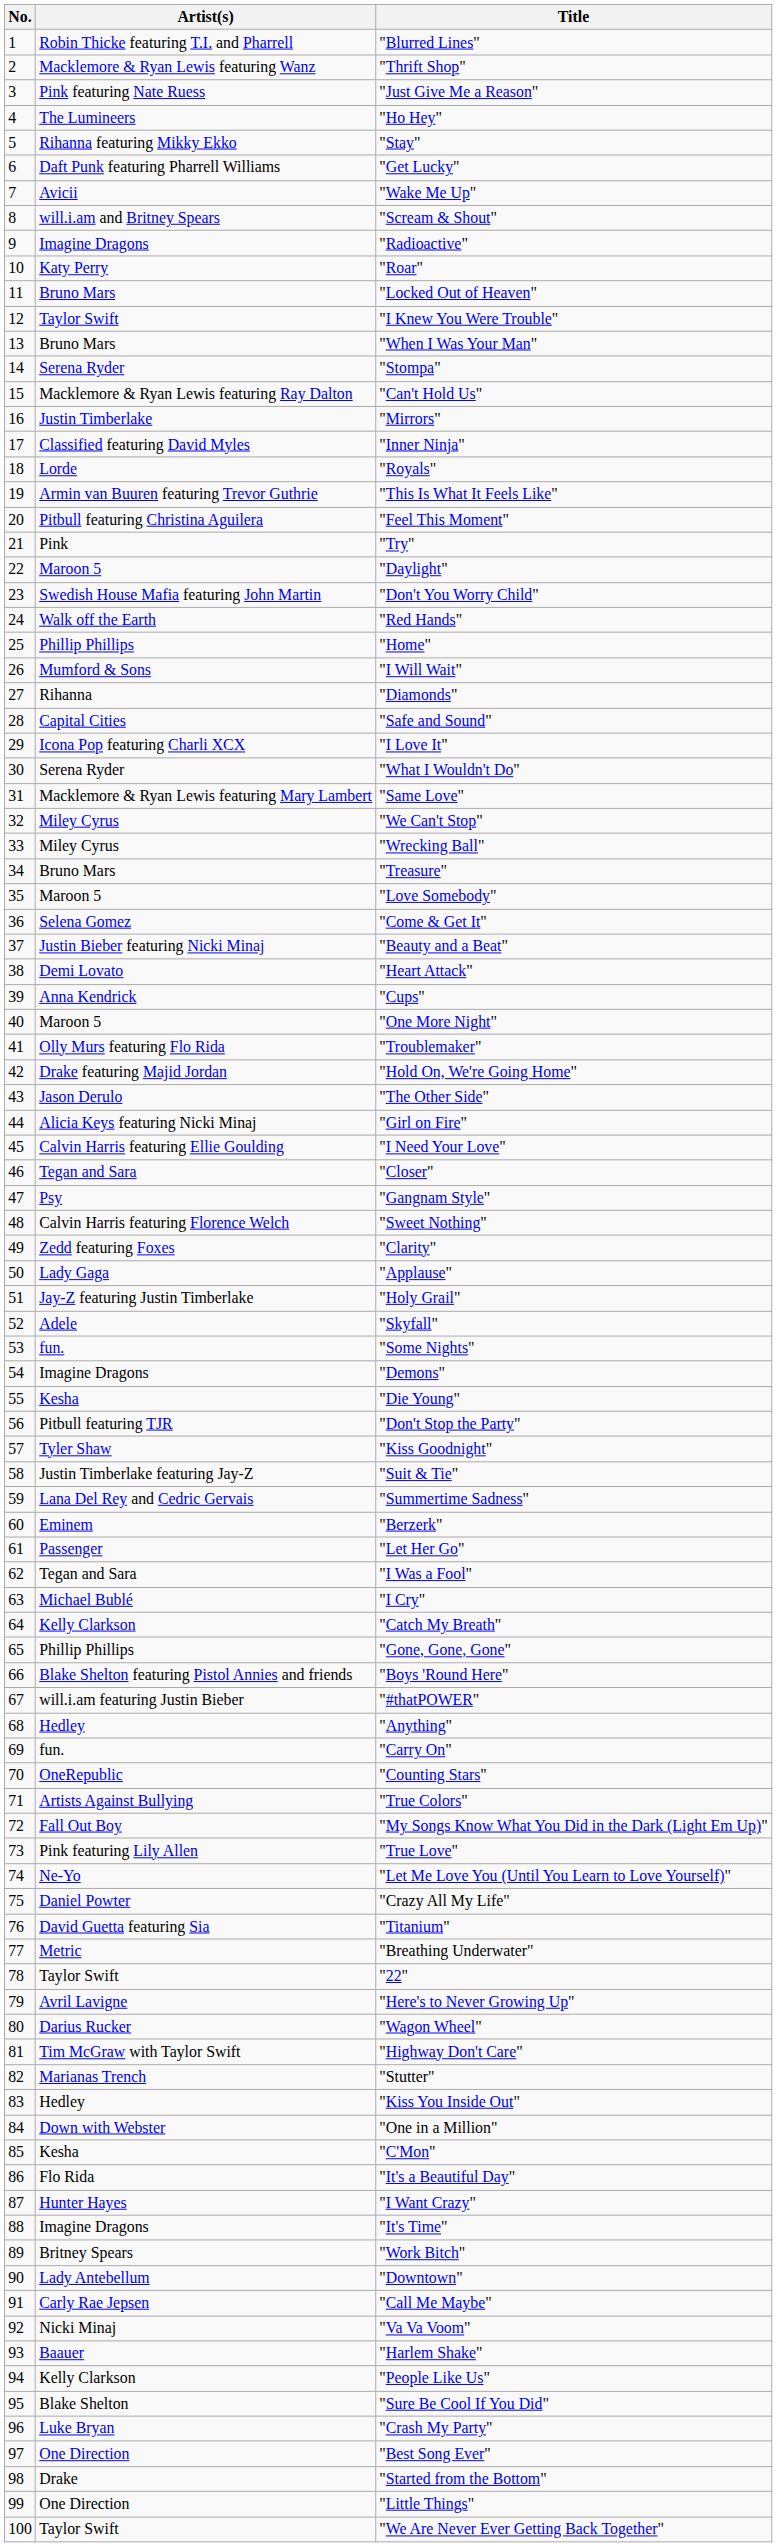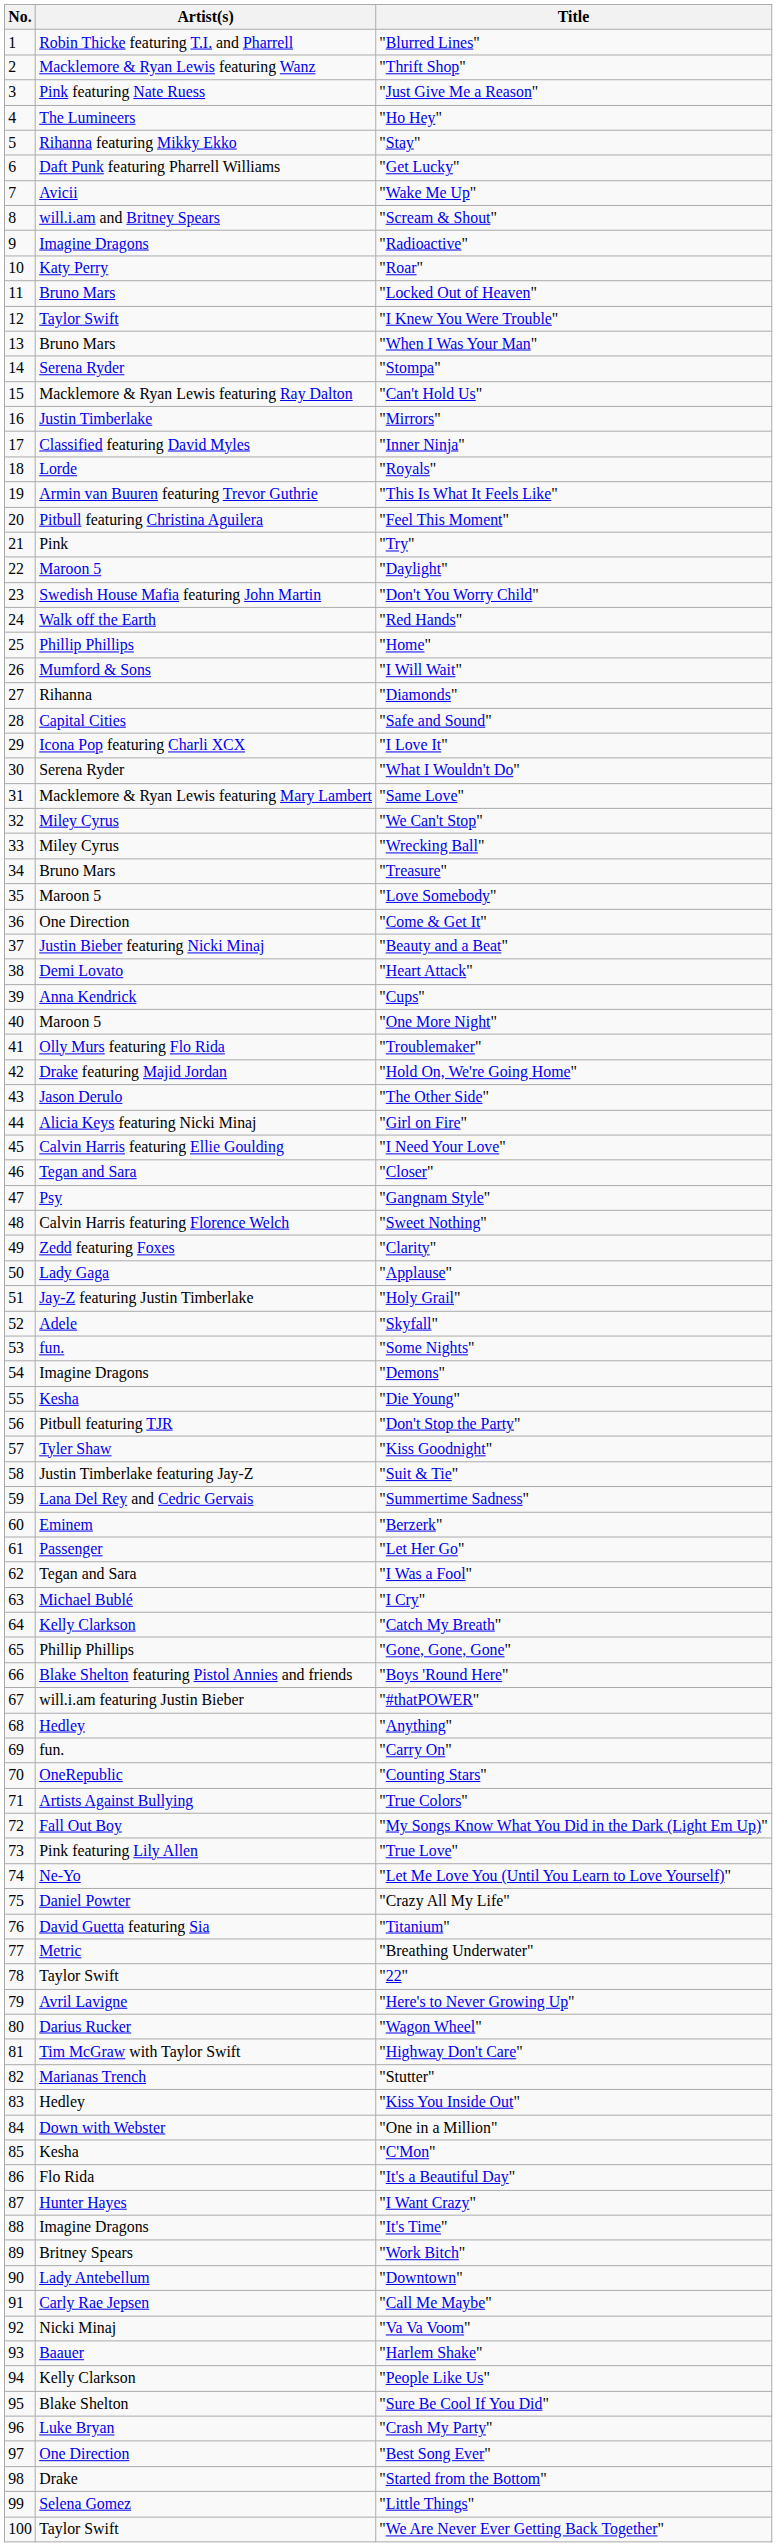 <table class="wikitable">
 <tr>
 <th>No.</th>
 <th>Artist(s)</th>
 <th>Title</th>
 </tr>
 <tr>
 <td>1</td>
 <td><a href='#'>Robin Thicke</a> featuring <a href='#'>T.I.</a> and <a href='#'>Pharrell</a></td>
 <td>"<a href='#'>Blurred Lines</a>"</td>
 </tr>
 <tr>
 <td>2</td>
 <td><a href='#'>Macklemore & Ryan Lewis</a> featuring <a href='#'>Wanz</a></td>
 <td>"<a href='#'>Thrift Shop</a>"</td>
 </tr>
 <tr>
 <td>3</td>
 <td><a href='#'>Pink</a> featuring <a href='#'>Nate Ruess</a></td>
 <td>"<a href='#'>Just Give Me a Reason</a>"</td>
 </tr>
 <tr>
 <td>4</td>
 <td><a href='#'>The Lumineers</a></td>
 <td>"<a href='#'>Ho Hey</a>"</td>
 </tr>
 <tr>
 <td>5</td>
 <td><a href='#'>Rihanna</a> featuring <a href='#'>Mikky Ekko</a></td>
 <td>"<a href='#'>Stay</a>"</td>
 </tr>
 <tr>
 <td>6</td>
 <td><a href='#'>Daft Punk</a> featuring Pharrell Williams</td>
 <td>"<a href='#'>Get Lucky</a>"</td>
 </tr>
 <tr>
 <td>7</td>
 <td><a href='#'>Avicii</a></td>
 <td>"<a href='#'>Wake Me Up</a>"</td>
 </tr>
 <tr>
 <td>8</td>
 <td><a href='#'>will.i.am</a> and <a href='#'>Britney Spears</a></td>
 <td>"<a href='#'>Scream & Shout</a>"</td>
 </tr>
 <tr>
 <td>9</td>
 <td><a href='#'>Imagine Dragons</a></td>
 <td>"<a href='#'>Radioactive</a>"</td>
 </tr>
 <tr>
 <td>10</td>
 <td><a href='#'>Katy Perry</a></td>
 <td>"<a href='#'>Roar</a>"</td>
 </tr>
 <tr>
 <td>11</td>
 <td><a href='#'>Bruno Mars</a></td>
 <td>"<a href='#'>Locked Out of Heaven</a>"</td>
 </tr>
 <tr>
 <td>12</td>
 <td><a href='#'>Taylor Swift</a></td>
 <td>"<a href='#'>I Knew You Were Trouble</a>"</td>
 </tr>
 <tr>
 <td>13</td>
 <td>Bruno Mars</td>
 <td>"<a href='#'>When I Was Your Man</a>"</td>
 </tr>
 <tr>
 <td>14</td>
 <td><a href='#'>Serena Ryder</a></td>
 <td>"<a href='#'>Stompa</a>"</td>
 </tr>
 <tr>
 <td>15</td>
 <td>Macklemore & Ryan Lewis featuring <a href='#'>Ray Dalton</a></td>
 <td>"<a href='#'>Can't Hold Us</a>"</td>
 </tr>
 <tr>
 <td>16</td>
 <td><a href='#'>Justin Timberlake</a></td>
 <td>"<a href='#'>Mirrors</a>"</td>
 </tr>
 <tr>
 <td>17</td>
 <td><a href='#'>Classified</a> featuring <a href='#'>David Myles</a></td>
 <td>"<a href='#'>Inner Ninja</a>"</td>
 </tr>
 <tr>
 <td>18</td>
 <td><a href='#'>Lorde</a></td>
 <td>"<a href='#'>Royals</a>"</td>
 </tr>
 <tr>
 <td>19</td>
 <td><a href='#'>Armin van Buuren</a> featuring <a href='#'>Trevor Guthrie</a></td>
 <td>"<a href='#'>This Is What It Feels Like</a>"</td>
 </tr>
 <tr>
 <td>20</td>
 <td><a href='#'>Pitbull</a> featuring <a href='#'>Christina Aguilera</a></td>
 <td>"<a href='#'>Feel This Moment</a>"</td>
 </tr>
 <tr>
 <td>21</td>
 <td>Pink</td>
 <td>"<a href='#'>Try</a>"</td>
 </tr>
 <tr>
 <td>22</td>
 <td><a href='#'>Maroon 5</a></td>
 <td>"<a href='#'>Daylight</a>"</td>
 </tr>
 <tr>
 <td>23</td>
 <td><a href='#'>Swedish House Mafia</a> featuring <a href='#'>John Martin</a></td>
 <td>"<a href='#'>Don't You Worry Child</a>"</td>
 </tr>
 <tr>
 <td>24</td>
 <td><a href='#'>Walk off the Earth</a></td>
 <td>"<a href='#'>Red Hands</a>"</td>
 </tr>
 <tr>
 <td>25</td>
 <td><a href='#'>Phillip Phillips</a></td>
 <td>"<a href='#'>Home</a>"</td>
 </tr>
 <tr>
 <td>26</td>
 <td><a href='#'>Mumford & Sons</a></td>
 <td>"<a href='#'>I Will Wait</a>"</td>
 </tr>
 <tr>
 <td>27</td>
 <td>Rihanna</td>
 <td>"<a href='#'>Diamonds</a>"</td>
 </tr>
 <tr>
 <td>28</td>
 <td><a href='#'>Capital Cities</a></td>
 <td>"<a href='#'>Safe and Sound</a>"</td>
 </tr>
 <tr>
 <td>29</td>
 <td><a href='#'>Icona Pop</a> featuring <a href='#'>Charli XCX</a></td>
 <td>"<a href='#'>I Love It</a>"</td>
 </tr>
 <tr>
 <td>30</td>
 <td>Serena Ryder</td>
 <td>"<a href='#'>What I Wouldn't Do</a>"</td>
 </tr>
 <tr>
 <td>31</td>
 <td>Macklemore & Ryan Lewis featuring <a href='#'>Mary Lambert</a></td>
 <td>"<a href='#'>Same Love</a>"</td>
 </tr>
 <tr>
 <td>32</td>
 <td><a href='#'>Miley Cyrus</a></td>
 <td>"<a href='#'>We Can't Stop</a>"</td>
 </tr>
 <tr>
 <td>33</td>
 <td>Miley Cyrus</td>
 <td>"<a href='#'>Wrecking Ball</a>"</td>
 </tr>
 <tr>
 <td>34</td>
 <td>Bruno Mars</td>
 <td>"<a href='#'>Treasure</a>"</td>
 </tr>
 <tr>
 <td>35</td>
 <td>Maroon 5</td>
 <td>"<a href='#'>Love Somebody</a>"</td>
 </tr>
 <tr>
 <td>36</td>
-<td><a href='#'>Selena Gomez</a></td>
+<td>One Direction</td>
 <td>"<a href='#'>Come & Get It</a>"</td>
 </tr>
 <tr>
 <td>37</td>
 <td><a href='#'>Justin Bieber</a> featuring <a href='#'>Nicki Minaj</a></td>
 <td>"<a href='#'>Beauty and a Beat</a>"</td>
 </tr>
 <tr>
 <td>38</td>
 <td><a href='#'>Demi Lovato</a></td>
 <td>"<a href='#'>Heart Attack</a>"</td>
 </tr>
 <tr>
 <td>39</td>
 <td><a href='#'>Anna Kendrick</a></td>
 <td>"<a href='#'>Cups</a>"</td>
 </tr>
 <tr>
 <td>40</td>
 <td>Maroon 5</td>
 <td>"<a href='#'>One More Night</a>"</td>
 </tr>
 <tr>
 <td>41</td>
 <td><a href='#'>Olly Murs</a> featuring <a href='#'>Flo Rida</a></td>
 <td>"<a href='#'>Troublemaker</a>"</td>
 </tr>
 <tr>
 <td>42</td>
 <td><a href='#'>Drake</a> featuring <a href='#'>Majid Jordan</a></td>
 <td>"<a href='#'>Hold On, We're Going Home</a>"</td>
 </tr>
 <tr>
 <td>43</td>
 <td><a href='#'>Jason Derulo</a></td>
 <td>"<a href='#'>The Other Side</a>"</td>
 </tr>
 <tr>
 <td>44</td>
 <td><a href='#'>Alicia Keys</a> featuring Nicki Minaj</td>
 <td>"<a href='#'>Girl on Fire</a>"</td>
 </tr>
 <tr>
 <td>45</td>
 <td><a href='#'>Calvin Harris</a> featuring <a href='#'>Ellie Goulding</a></td>
 <td>"<a href='#'>I Need Your Love</a>"</td>
 </tr>
 <tr>
 <td>46</td>
 <td><a href='#'>Tegan and Sara</a></td>
 <td>"<a href='#'>Closer</a>"</td>
 </tr>
 <tr>
 <td>47</td>
 <td><a href='#'>Psy</a></td>
 <td>"<a href='#'>Gangnam Style</a>"</td>
 </tr>
 <tr>
 <td>48</td>
 <td>Calvin Harris featuring <a href='#'>Florence Welch</a></td>
 <td>"<a href='#'>Sweet Nothing</a>"</td>
 </tr>
 <tr>
 <td>49</td>
 <td><a href='#'>Zedd</a> featuring <a href='#'>Foxes</a></td>
 <td>"<a href='#'>Clarity</a>"</td>
 </tr>
 <tr>
 <td>50</td>
 <td><a href='#'>Lady Gaga</a></td>
 <td>"<a href='#'>Applause</a>"</td>
 </tr>
 <tr>
 <td>51</td>
 <td><a href='#'>Jay-Z</a> featuring Justin Timberlake</td>
 <td>"<a href='#'>Holy Grail</a>"</td>
 </tr>
 <tr>
 <td>52</td>
 <td><a href='#'>Adele</a></td>
 <td>"<a href='#'>Skyfall</a>"</td>
 </tr>
 <tr>
 <td>53</td>
 <td><a href='#'>fun.</a></td>
 <td>"<a href='#'>Some Nights</a>"</td>
 </tr>
 <tr>
 <td>54</td>
 <td>Imagine Dragons</td>
 <td>"<a href='#'>Demons</a>"</td>
 </tr>
 <tr>
 <td>55</td>
 <td><a href='#'>Kesha</a></td>
 <td>"<a href='#'>Die Young</a>"</td>
 </tr>
 <tr>
 <td>56</td>
 <td>Pitbull featuring <a href='#'>TJR</a></td>
 <td>"<a href='#'>Don't Stop the Party</a>"</td>
 </tr>
 <tr>
 <td>57</td>
 <td><a href='#'>Tyler Shaw</a></td>
 <td>"<a href='#'>Kiss Goodnight</a>"</td>
 </tr>
 <tr>
 <td>58</td>
 <td>Justin Timberlake featuring Jay-Z</td>
 <td>"<a href='#'>Suit & Tie</a>"</td>
 </tr>
 <tr>
 <td>59</td>
 <td><a href='#'>Lana Del Rey</a> and <a href='#'>Cedric Gervais</a></td>
 <td>"<a href='#'>Summertime Sadness</a>"</td>
 </tr>
 <tr>
 <td>60</td>
 <td><a href='#'>Eminem</a></td>
 <td>"<a href='#'>Berzerk</a>"</td>
 </tr>
 <tr>
 <td>61</td>
 <td><a href='#'>Passenger</a></td>
 <td>"<a href='#'>Let Her Go</a>"</td>
 </tr>
 <tr>
 <td>62</td>
 <td>Tegan and Sara</td>
 <td>"<a href='#'>I Was a Fool</a>"</td>
 </tr>
 <tr>
 <td>63</td>
 <td><a href='#'>Michael Bublé</a></td>
 <td>"<a href='#'>I Cry</a>"</td>
 </tr>
 <tr>
 <td>64</td>
 <td><a href='#'>Kelly Clarkson</a></td>
 <td>"<a href='#'>Catch My Breath</a>"</td>
 </tr>
 <tr>
 <td>65</td>
 <td>Phillip Phillips</td>
 <td>"<a href='#'>Gone, Gone, Gone</a>"</td>
 </tr>
 <tr>
 <td>66</td>
 <td><a href='#'>Blake Shelton</a> featuring <a href='#'>Pistol Annies</a> and friends</td>
 <td>"<a href='#'>Boys 'Round Here</a>"</td>
 </tr>
 <tr>
 <td>67</td>
 <td>will.i.am featuring Justin Bieber</td>
 <td>"<a href='#'>#thatPOWER</a>"</td>
 </tr>
 <tr>
 <td>68</td>
 <td><a href='#'>Hedley</a></td>
 <td>"<a href='#'>Anything</a>"</td>
 </tr>
 <tr>
 <td>69</td>
 <td>fun.</td>
 <td>"<a href='#'>Carry On</a>"</td>
 </tr>
 <tr>
 <td>70</td>
 <td><a href='#'>OneRepublic</a></td>
 <td>"<a href='#'>Counting Stars</a>"</td>
 </tr>
 <tr>
 <td>71</td>
 <td><a href='#'>Artists Against Bullying</a></td>
 <td>"<a href='#'>True Colors</a>"</td>
 </tr>
 <tr>
 <td>72</td>
 <td><a href='#'>Fall Out Boy</a></td>
 <td>"<a href='#'>My Songs Know What You Did in the Dark (Light Em Up)</a>"</td>
 </tr>
 <tr>
 <td>73</td>
 <td>Pink featuring <a href='#'>Lily Allen</a></td>
 <td>"<a href='#'>True Love</a>"</td>
 </tr>
 <tr>
 <td>74</td>
 <td><a href='#'>Ne-Yo</a></td>
 <td>"<a href='#'>Let Me Love You (Until You Learn to Love Yourself)</a>"</td>
 </tr>
 <tr>
 <td>75</td>
 <td><a href='#'>Daniel Powter</a></td>
 <td>"Crazy All My Life"</td>
 </tr>
 <tr>
 <td>76</td>
 <td><a href='#'>David Guetta</a> featuring <a href='#'>Sia</a></td>
 <td>"<a href='#'>Titanium</a>"</td>
 </tr>
 <tr>
 <td>77</td>
 <td><a href='#'>Metric</a></td>
 <td>"Breathing Underwater"</td>
 </tr>
 <tr>
 <td>78</td>
 <td>Taylor Swift</td>
 <td>"<a href='#'>22</a>"</td>
 </tr>
 <tr>
 <td>79</td>
 <td><a href='#'>Avril Lavigne</a></td>
 <td>"<a href='#'>Here's to Never Growing Up</a>"</td>
 </tr>
 <tr>
 <td>80</td>
 <td><a href='#'>Darius Rucker</a></td>
 <td>"<a href='#'>Wagon Wheel</a>"</td>
 </tr>
 <tr>
 <td>81</td>
 <td><a href='#'>Tim McGraw</a> with Taylor Swift</td>
 <td>"<a href='#'>Highway Don't Care</a>"</td>
 </tr>
 <tr>
 <td>82</td>
 <td><a href='#'>Marianas Trench</a></td>
 <td>"Stutter"</td>
 </tr>
 <tr>
 <td>83</td>
 <td>Hedley</td>
 <td>"<a href='#'>Kiss You Inside Out</a>"</td>
 </tr>
 <tr>
 <td>84</td>
 <td><a href='#'>Down with Webster</a></td>
 <td>"One in a Million"</td>
 </tr>
 <tr>
 <td>85</td>
 <td>Kesha</td>
 <td>"<a href='#'>C'Mon</a>"</td>
 </tr>
 <tr>
 <td>86</td>
 <td>Flo Rida</td>
 <td>"<a href='#'>It's a Beautiful Day</a>"</td>
 </tr>
 <tr>
 <td>87</td>
 <td><a href='#'>Hunter Hayes</a></td>
 <td>"<a href='#'>I Want Crazy</a>"</td>
 </tr>
 <tr>
 <td>88</td>
 <td>Imagine Dragons</td>
 <td>"<a href='#'>It's Time</a>"</td>
 </tr>
 <tr>
 <td>89</td>
 <td>Britney Spears</td>
 <td>"<a href='#'>Work Bitch</a>"</td>
 </tr>
 <tr>
 <td>90</td>
 <td><a href='#'>Lady Antebellum</a></td>
 <td>"<a href='#'>Downtown</a>"</td>
 </tr>
 <tr>
 <td>91</td>
 <td><a href='#'>Carly Rae Jepsen</a></td>
 <td>"<a href='#'>Call Me Maybe</a>"</td>
 </tr>
 <tr>
 <td>92</td>
 <td>Nicki Minaj</td>
 <td>"<a href='#'>Va Va Voom</a>"</td>
 </tr>
 <tr>
 <td>93</td>
 <td><a href='#'>Baauer</a></td>
 <td>"<a href='#'>Harlem Shake</a>"</td>
 </tr>
 <tr>
 <td>94</td>
 <td>Kelly Clarkson</td>
 <td>"<a href='#'>People Like Us</a>"</td>
 </tr>
 <tr>
 <td>95</td>
 <td>Blake Shelton</td>
 <td>"<a href='#'>Sure Be Cool If You Did</a>"</td>
 </tr>
 <tr>
 <td>96</td>
 <td><a href='#'>Luke Bryan</a></td>
 <td>"<a href='#'>Crash My Party</a>"</td>
 </tr>
 <tr>
 <td>97</td>
 <td><a href='#'>One Direction</a></td>
 <td>"<a href='#'>Best Song Ever</a>"</td>
 </tr>
 <tr>
 <td>98</td>
 <td>Drake</td>
 <td>"<a href='#'>Started from the Bottom</a>"</td>
 </tr>
 <tr>
 <td>99</td>
-<td>One Direction</td>
+<td><a href='#'>Selena Gomez</a></td>
 <td>"<a href='#'>Little Things</a>"</td>
 </tr>
 <tr>
 <td>100</td>
 <td>Taylor Swift</td>
 <td>"<a href='#'>We Are Never Ever Getting Back Together</a>"</td>
 </tr>
 </table>
